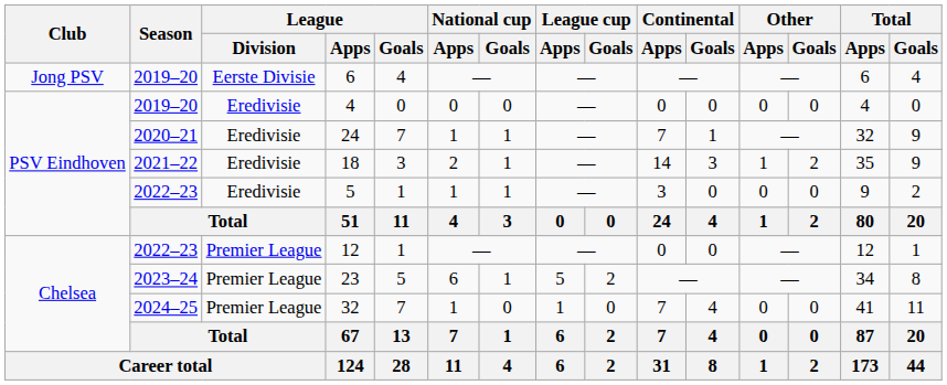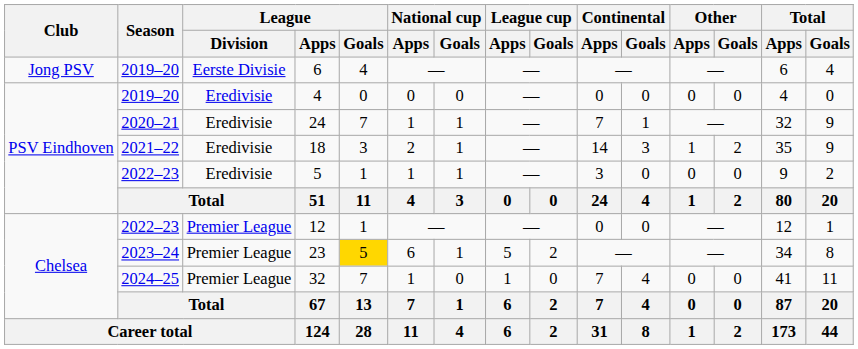 <table class="wikitable" style="text-align: center;">
 <tr>
 <th rowspan="2">Club</th>
 <th rowspan="2">Season</th>
 <th colspan="3">League</th>
 <th colspan="2">National cup</th>
 <th colspan="2">League cup</th>
 <th colspan="2">Continental</th>
 <th colspan="2">Other</th>
 <th colspan="2">Total</th>
 </tr>
 <tr>
 <th>Division</th>
 <th>Apps</th>
 <th>Goals</th>
 <th>Apps</th>
 <th>Goals</th>
 <th>Apps</th>
 <th>Goals</th>
 <th>Apps</th>
 <th>Goals</th>
 <th>Apps</th>
 <th>Goals</th>
 <th>Apps</th>
 <th>Goals</th>
 </tr>
 <tr>
 <td><a href='#'>Jong PSV</a></td>
 <td><a href='#'>2019–20</a></td>
 <td><a href='#'>Eerste Divisie</a></td>
 <td>6</td>
 <td>4</td>
 <td colspan="2">—</td>
 <td colspan="2">—</td>
 <td colspan="2">—</td>
 <td colspan="2">—</td>
 <td>6</td>
 <td>4</td>
 </tr>
 <tr>
 <td rowspan="5"><a href='#'>PSV Eindhoven</a></td>
 <td><a href='#'>2019–20</a></td>
 <td><a href='#'>Eredivisie</a></td>
 <td>4</td>
 <td>0</td>
 <td>0</td>
 <td>0</td>
 <td colspan="2">—</td>
 <td>0</td>
 <td>0</td>
 <td>0</td>
 <td>0</td>
 <td>4</td>
 <td>0</td>
 </tr>
 <tr>
 <td><a href='#'>2020–21</a></td>
 <td>Eredivisie</td>
 <td>24</td>
 <td>7</td>
 <td>1</td>
 <td>1</td>
 <td colspan="2">—</td>
 <td>7</td>
 <td>1</td>
 <td colspan="2">—</td>
 <td>32</td>
 <td>9</td>
 </tr>
 <tr>
 <td><a href='#'>2021–22</a></td>
 <td>Eredivisie</td>
 <td>18</td>
 <td>3</td>
 <td>2</td>
 <td>1</td>
 <td colspan="2">—</td>
 <td>14</td>
 <td>3</td>
 <td>1</td>
 <td>2</td>
 <td>35</td>
 <td>9</td>
 </tr>
 <tr>
 <td><a href='#'>2022–23</a></td>
 <td>Eredivisie</td>
 <td>5</td>
 <td>1</td>
 <td>1</td>
 <td>1</td>
 <td colspan="2">—</td>
 <td>3</td>
 <td>0</td>
 <td>0</td>
 <td>0</td>
 <td>9</td>
 <td>2</td>
 </tr>
 <tr>
 <th colspan="2">Total</th>
 <th>51</th>
 <th>11</th>
 <th>4</th>
 <th>3</th>
 <th>0</th>
 <th>0</th>
 <th>24</th>
 <th>4</th>
 <th>1</th>
 <th>2</th>
 <th>80</th>
 <th>20</th>
 </tr>
 <tr>
 <td rowspan="4"><a href='#'>Chelsea</a></td>
 <td><a href='#'>2022–23</a></td>
 <td><a href='#'>Premier League</a></td>
 <td>12</td>
 <td>1</td>
 <td colspan="2">—</td>
 <td colspan="2">—</td>
 <td>0</td>
 <td>0</td>
 <td colspan="2">—</td>
 <td>12</td>
 <td>1</td>
 </tr>
 <tr>
 <td><a href='#'>2023–24</a></td>
 <td>Premier League</td>
 <td>23</td>
-<td>5</td>
+<td style="background: gold;">5</td>
 <td>6</td>
 <td>1</td>
 <td>5</td>
 <td>2</td>
 <td colspan="2">—</td>
 <td colspan="2">—</td>
 <td>34</td>
 <td>8</td>
 </tr>
 <tr>
 <td><a href='#'>2024–25</a></td>
 <td>Premier League</td>
 <td>32</td>
 <td>7</td>
 <td>1</td>
 <td>0</td>
 <td>1</td>
 <td>0</td>
 <td>7</td>
 <td>4</td>
 <td>0</td>
 <td>0</td>
 <td>41</td>
 <td>11</td>
 </tr>
 <tr>
 <th colspan="2">Total</th>
 <th>67</th>
 <th>13</th>
 <th>7</th>
 <th>1</th>
 <th>6</th>
 <th>2</th>
 <th>7</th>
 <th>4</th>
 <th>0</th>
 <th>0</th>
 <th>87</th>
 <th>20</th>
 </tr>
 <tr>
 <th colspan="3">Career total</th>
 <th>124</th>
 <th>28</th>
 <th>11</th>
 <th>4</th>
 <th>6</th>
 <th>2</th>
 <th>31</th>
 <th>8</th>
 <th>1</th>
 <th>2</th>
 <th>173</th>
 <th>44</th>
 </tr>
 </table>
